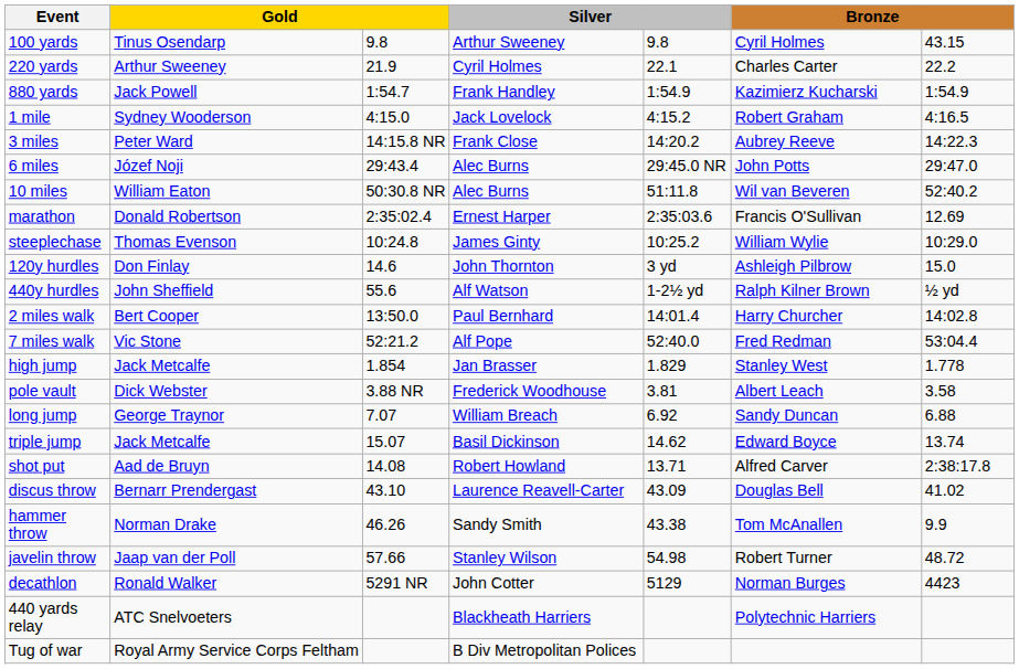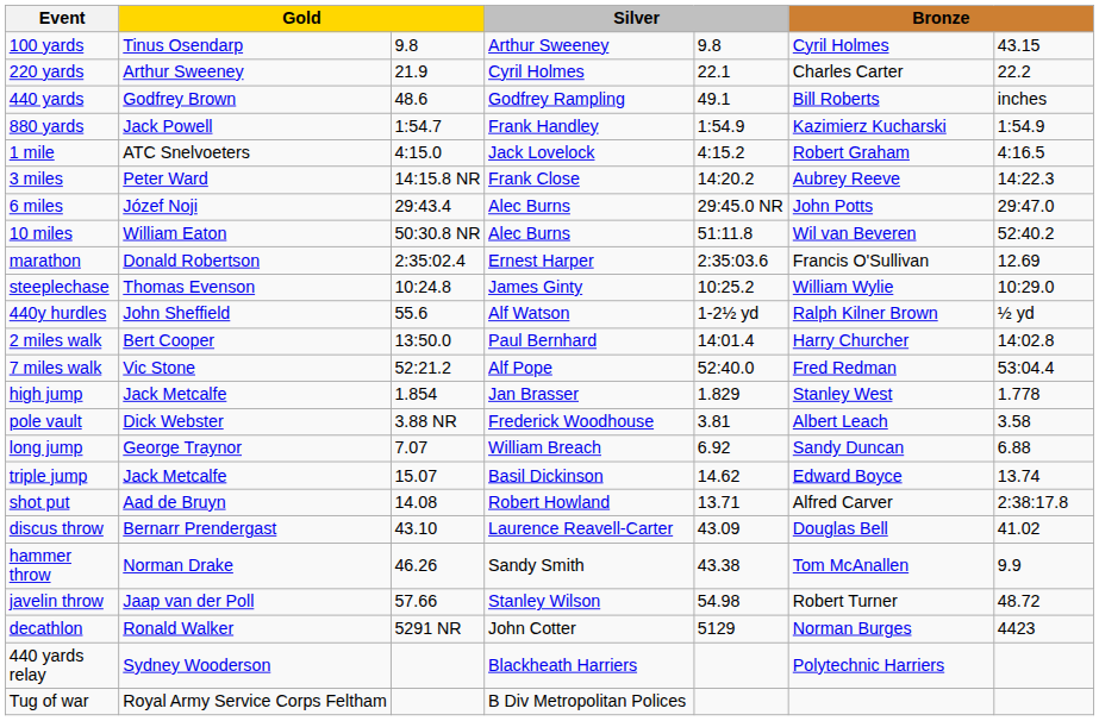 <table class="wikitable" style="text-align:left">
 <tr>
 <th width=100>Event</th>
 <th colspan="2" width="280" style="background:gold;">Gold</th>
 <th colspan="2" width="280" style="background:silver;">Silver</th>
 <th colspan="2" width="280" style="background:#CD7F32;">Bronze</th>
 </tr>
 <tr>
 <td><a href='#'>100 yards</a></td>
 <td> <a href='#'>Tinus Osendarp</a></td>
 <td>9.8</td>
 <td><a href='#'>Arthur Sweeney</a></td>
 <td>9.8</td>
 <td><a href='#'>Cyril Holmes</a></td>
 <td>43.15</td>
 </tr>
 <tr>
 <td><a href='#'>220 yards</a></td>
 <td><a href='#'>Arthur Sweeney</a></td>
 <td>21.9</td>
 <td><a href='#'>Cyril Holmes</a></td>
 <td>22.1</td>
 <td>Charles Carter</td>
 <td>22.2</td>
 </tr>
 <tr>
+<td><a href='#'>440 yards</a></td>
+<td><a href='#'>Godfrey Brown</a></td>
+<td>48.6</td>
+<td><a href='#'>Godfrey Rampling</a></td>
+<td>49.1</td>
+<td><a href='#'>Bill Roberts</a></td>
+<td>inches</td>
+</tr>
+<tr>
 <td><a href='#'>880 yards</a></td>
 <td><a href='#'>Jack Powell</a></td>
 <td>1:54.7</td>
 <td><a href='#'>Frank Handley</a></td>
 <td>1:54.9</td>
 <td> <a href='#'>Kazimierz Kucharski</a></td>
 <td>1:54.9</td>
 </tr>
 <tr>
 <td><a href='#'>1 mile</a></td>
-<td><a href='#'>Sydney Wooderson</a></td>
+<td>ATC Snelvoeters</td>
 <td>4:15.0</td>
 <td> <a href='#'>Jack Lovelock</a></td>
 <td>4:15.2</td>
 <td> <a href='#'>Robert Graham</a></td>
 <td>4:16.5</td>
 </tr>
 <tr>
 <td><a href='#'>3 miles</a></td>
 <td><a href='#'>Peter Ward</a></td>
 <td>14:15.8 NR</td>
 <td><a href='#'>Frank Close</a></td>
 <td>14:20.2</td>
 <td><a href='#'>Aubrey Reeve</a></td>
 <td>14:22.3</td>
 </tr>
 <tr>
 <td><a href='#'>6 miles</a></td>
 <td> <a href='#'>Józef Noji</a></td>
 <td>29:43.4</td>
 <td><a href='#'>Alec Burns</a></td>
 <td>29:45.0 NR</td>
 <td><a href='#'>John Potts</a></td>
 <td>29:47.0</td>
 </tr>
 <tr>
 <td><a href='#'>10 miles</a></td>
 <td><a href='#'>William Eaton</a></td>
 <td>50:30.8 NR</td>
 <td><a href='#'>Alec Burns</a></td>
 <td>51:11.8</td>
 <td> <a href='#'>Wil van Beveren</a></td>
 <td>52:40.2</td>
 </tr>
 <tr>
 <td><a href='#'>marathon</a></td>
 <td> <a href='#'>Donald Robertson</a></td>
 <td>2:35:02.4</td>
 <td><a href='#'>Ernest Harper</a></td>
 <td>2:35:03.6</td>
 <td>Francis O'Sullivan</td>
 <td>12.69</td>
 </tr>
 <tr>
 <td><a href='#'>steeplechase</a></td>
 <td><a href='#'>Thomas Evenson</a></td>
 <td>10:24.8</td>
 <td><a href='#'>James Ginty</a></td>
 <td>10:25.2</td>
 <td> <a href='#'>William Wylie</a></td>
 <td>10:29.0</td>
-</tr>
-<tr>
-<td><a href='#'>120y hurdles</a></td>
-<td><a href='#'>Don Finlay</a></td>
-<td>14.6</td>
-<td><a href='#'>John Thornton</a></td>
-<td>3 yd</td>
-<td><a href='#'>Ashleigh Pilbrow</a></td>
-<td>15.0</td>
 </tr>
 <tr>
 <td><a href='#'>440y hurdles</a></td>
 <td><a href='#'>John Sheffield</a></td>
 <td>55.6</td>
 <td> <a href='#'>Alf Watson</a></td>
 <td>1-2½ yd</td>
 <td><a href='#'>Ralph Kilner Brown</a></td>
 <td>½ yd</td>
 </tr>
 <tr>
 <td><a href='#'>2 miles walk</a></td>
 <td><a href='#'>Bert Cooper</a></td>
 <td>13:50.0</td>
 <td> <a href='#'>Paul Bernhard</a></td>
 <td>14:01.4</td>
 <td><a href='#'>Harry Churcher</a></td>
 <td>14:02.8</td>
 </tr>
 <tr>
 <td><a href='#'>7 miles walk</a></td>
 <td><a href='#'>Vic Stone</a></td>
 <td>52:21.2</td>
 <td><a href='#'>Alf Pope</a></td>
 <td>52:40.0</td>
 <td><a href='#'>Fred Redman</a></td>
 <td>53:04.4</td>
 </tr>
 <tr>
 <td><a href='#'>high jump</a></td>
 <td> <a href='#'>Jack Metcalfe</a></td>
 <td>1.854</td>
 <td> <a href='#'>Jan Brasser</a></td>
 <td>1.829</td>
 <td><a href='#'>Stanley West</a></td>
 <td>1.778</td>
 </tr>
 <tr>
 <td><a href='#'>pole vault</a></td>
 <td><a href='#'>Dick Webster</a></td>
 <td>3.88 NR</td>
 <td> <a href='#'>Frederick Woodhouse</a></td>
 <td>3.81</td>
 <td><a href='#'>Albert Leach</a></td>
 <td>3.58</td>
 </tr>
 <tr>
 <td><a href='#'>long jump</a></td>
 <td><a href='#'>George Traynor</a></td>
 <td>7.07</td>
 <td><a href='#'>William Breach</a></td>
 <td>6.92</td>
 <td><a href='#'>Sandy Duncan</a></td>
 <td>6.88</td>
 </tr>
 <tr>
 <td><a href='#'>triple jump</a></td>
 <td> <a href='#'>Jack Metcalfe</a></td>
 <td>15.07</td>
 <td> <a href='#'>Basil Dickinson</a></td>
 <td>14.62</td>
 <td> <a href='#'>Edward Boyce</a></td>
 <td>13.74</td>
 </tr>
 <tr>
 <td><a href='#'>shot put</a></td>
 <td> <a href='#'>Aad de Bruyn</a></td>
 <td>14.08</td>
 <td><a href='#'>Robert Howland</a></td>
 <td>13.71</td>
 <td>Alfred Carver</td>
 <td>2:38:17.8</td>
 </tr>
 <tr>
 <td><a href='#'>discus throw</a></td>
 <td> <a href='#'>Bernarr Prendergast</a></td>
 <td>43.10</td>
 <td><a href='#'>Laurence Reavell-Carter</a></td>
 <td>43.09</td>
 <td><a href='#'>Douglas Bell</a></td>
 <td>41.02</td>
 </tr>
 <tr>
 <td><a href='#'>hammer throw</a></td>
 <td><a href='#'>Norman Drake</a></td>
 <td>46.26</td>
 <td> Sandy Smith</td>
 <td>43.38</td>
 <td><a href='#'>Tom McAnallen</a></td>
 <td>9.9</td>
 </tr>
 <tr>
 <td><a href='#'>javelin throw</a></td>
 <td> <a href='#'>Jaap van der Poll</a></td>
 <td>57.66</td>
 <td><a href='#'>Stanley Wilson</a></td>
 <td>54.98</td>
 <td>Robert Turner</td>
 <td>48.72</td>
 </tr>
 <tr>
 <td><a href='#'>decathlon</a></td>
 <td><a href='#'>Ronald Walker</a></td>
 <td>5291 NR</td>
 <td>John Cotter</td>
 <td>5129</td>
 <td><a href='#'>Norman Burges</a></td>
 <td>4423</td>
 </tr>
 <tr>
 <td>440 yards relay</td>
-<td>ATC Snelvoeters</td>
+<td><a href='#'>Sydney Wooderson</a></td>
 <td></td>
 <td><a href='#'>Blackheath Harriers</a></td>
 <td></td>
 <td><a href='#'>Polytechnic Harriers</a></td>
 <td></td>
 </tr>
 <tr>
 <td>Tug of war</td>
 <td>Royal Army Service Corps Feltham</td>
 <td></td>
 <td>B Div Metropolitan Polices</td>
 <td></td>
 <td></td>
 <td></td>
 </tr>
 </table>
